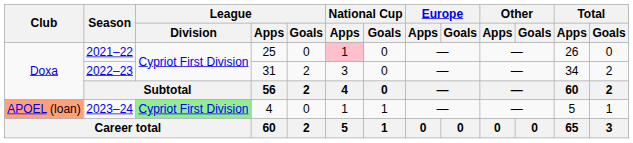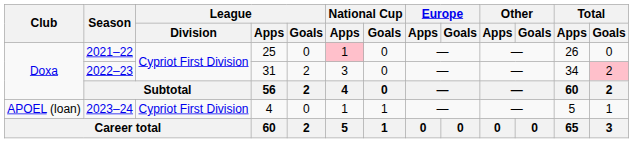 <table class="wikitable" style="text-align:center">
 <tr>
 <th rowspan=2>Club</th>
 <th rowspan=2>Season</th>
 <th colspan=3>League</th>
 <th colspan=2>National Cup</th>
 <th colspan=2><a href='#'>Europe</a></th>
 <th colspan=2>Other</th>
 <th colspan=2>Total</th>
 </tr>
 <tr>
 <th>Division</th>
 <th>Apps</th>
 <th>Goals</th>
 <th>Apps</th>
 <th>Goals</th>
 <th>Apps</th>
 <th>Goals</th>
 <th>Apps</th>
 <th>Goals</th>
 <th>Apps</th>
 <th>Goals</th>
 </tr>
 <tr>
 <td rowspan=3><a href='#'>Doxa</a></td>
 <td><a href='#'>2021–22</a></td>
 <td rowspan=2><a href='#'>Cypriot First Division</a></td>
 <td>25</td>
 <td>0</td>
 <td style="background: pink;">1</td>
 <td>0</td>
 <td colspan="2">—</td>
 <td colspan="2">—</td>
 <td>26</td>
 <td>0</td>
 </tr>
 <tr>
 <td><a href='#'>2022–23</a></td>
 <td>31</td>
 <td>2</td>
 <td>3</td>
 <td>0</td>
 <td colspan="2">—</td>
 <td colspan="2">—</td>
 <td>34</td>
-<td>2</td>
+<td style="background: pink;">2</td>
 </tr>
 <tr>
 <th colspan="2">Subtotal</th>
 <th>56</th>
 <th>2</th>
 <th>4</th>
 <th>0</th>
 <th colspan="2">—</th>
 <th colspan="2">—</th>
 <th>60</th>
 <th>2</th>
 </tr>
 <tr>
-<td style="background: lightsalmon;"><a href='#'>APOEL</a> (loan)</td>
+<td><a href='#'>APOEL</a> (loan)</td>
 <td><a href='#'>2023–24</a></td>
-<td style="background: lightgreen;"><a href='#'>Cypriot First Division</a></td>
+<td><a href='#'>Cypriot First Division</a></td>
 <td>4</td>
 <td>0</td>
 <td>1</td>
 <td>1</td>
 <td colspan="2">—</td>
 <td colspan="2">—</td>
 <td>5</td>
 <td>1</td>
 </tr>
 <tr>
 <th colspan="3">Career total</th>
 <th>60</th>
 <th>2</th>
 <th>5</th>
 <th>1</th>
 <th>0</th>
 <th>0</th>
 <th>0</th>
 <th>0</th>
 <th>65</th>
 <th>3</th>
 </tr>
 </table>
